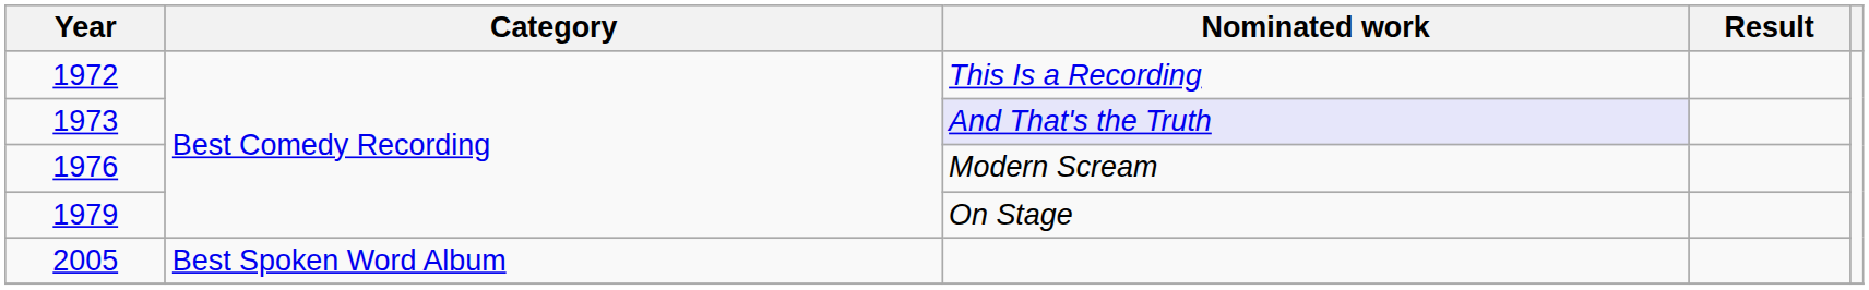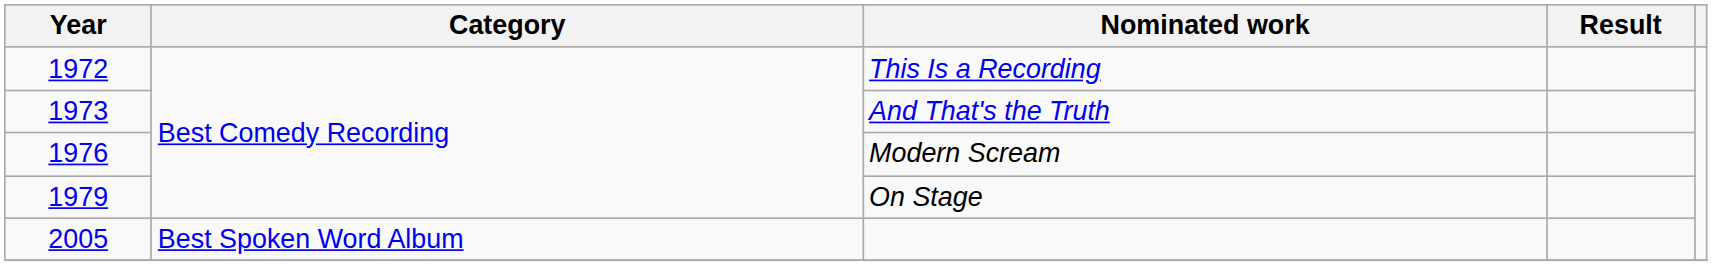 <table class=wikitable>
 <tr>
 <th scope="col" style="width:5em;">Year</th>
 <th scope="col" style="width:26em;">Category</th>
 <th scope="col" style="width:25em;">Nominated work</th>
 <th scope="col" style="width:5em;">Result</th>
 <th></th>
 </tr>
 <tr>
 <td style="text-align:center;"><a href='#'>1972</a></td>
 <td rowspan=4><a href='#'>Best Comedy Recording</a></td>
 <td><em><a href='#'>This Is a Recording</a></em></td>
 <td></td>
 <td style="text-align:center;" rowspan="5"></td>
 </tr>
 <tr>
 <td style="text-align:center;"><a href='#'>1973</a></td>
-<td style="background: lavender;"><em><a href='#'>And That's the Truth</a></em></td>
+<td><em><a href='#'>And That's the Truth</a></em></td>
 <td></td>
 </tr>
 <tr>
 <td style="text-align:center;"><a href='#'>1976</a></td>
 <td><em>Modern Scream</em></td>
 <td></td>
 </tr>
 <tr>
 <td style="text-align:center;"><a href='#'>1979</a></td>
 <td><em>On Stage</em></td>
 <td></td>
 </tr>
 <tr>
 <td style="text-align:center;"><a href='#'>2005</a></td>
 <td><a href='#'>Best Spoken Word Album</a></td>
 <td></td>
 <td></td>
 </tr>
 <tr>
 </tr>
 </table>
